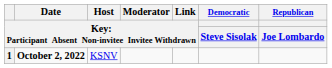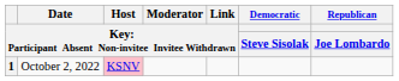 <table class="wikitable" style="text-align:center;">
 <tr>
 <th scope="col"></th>
 <th scope="col">Date</th>
 <th scope="col">Host</th>
 <th scope="col">Moderator</th>
 <th scope="col">Link</th>
 <th scope="col"><small><a href='#'>Democratic</a></small></th>
 <th scope="col"><small><a href='#'>Republican</a></small></th>
 </tr>
 <tr>
 <th colspan="5" rowspan="2">Key:<br> <small>Participant </small>  <small>Absent </small>  <small>Non-invitee </small>  <small>Invitee  Withdrawn</small></th>
 <th scope="col" style="background:"></th>
 <th scope="col" style="background:"></th>
 </tr>
 <tr>
 <th scope="col"><a href='#'>Steve Sisolak</a></th>
 <th scope="col"><a href='#'>Joe Lombardo</a></th>
 </tr>
 <tr>
 <th scope="row">1</th>
-<td style="white-space:nowrap;"><strong>October 2, 2022</strong></td>
-<td style="white-space:nowrap;"><a href='#'>KSNV</a></td>
+<td style="white-space:nowrap;">October 2, 2022</td>
+<td style="background: pink; white-space:nowrap;"><a href='#'>KSNV</a></td>
 <td style="white-space:nowrap;"></td>
 <td style="white-space:nowrap;"></td>
 <td></td>
 <td></td>
 </tr>
 </table>
